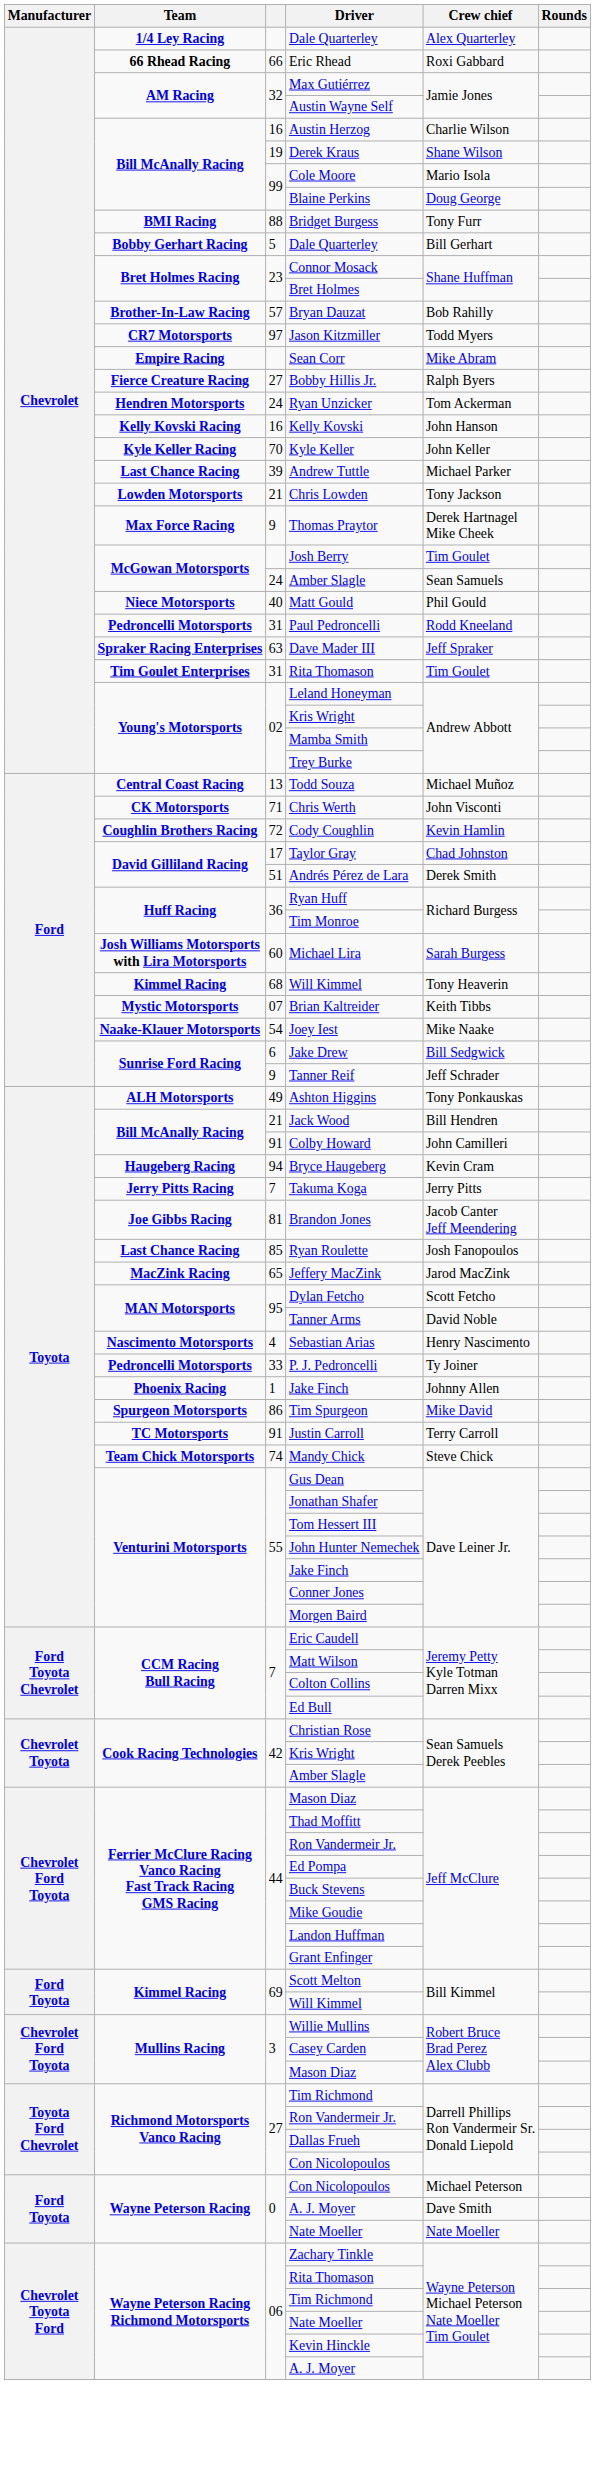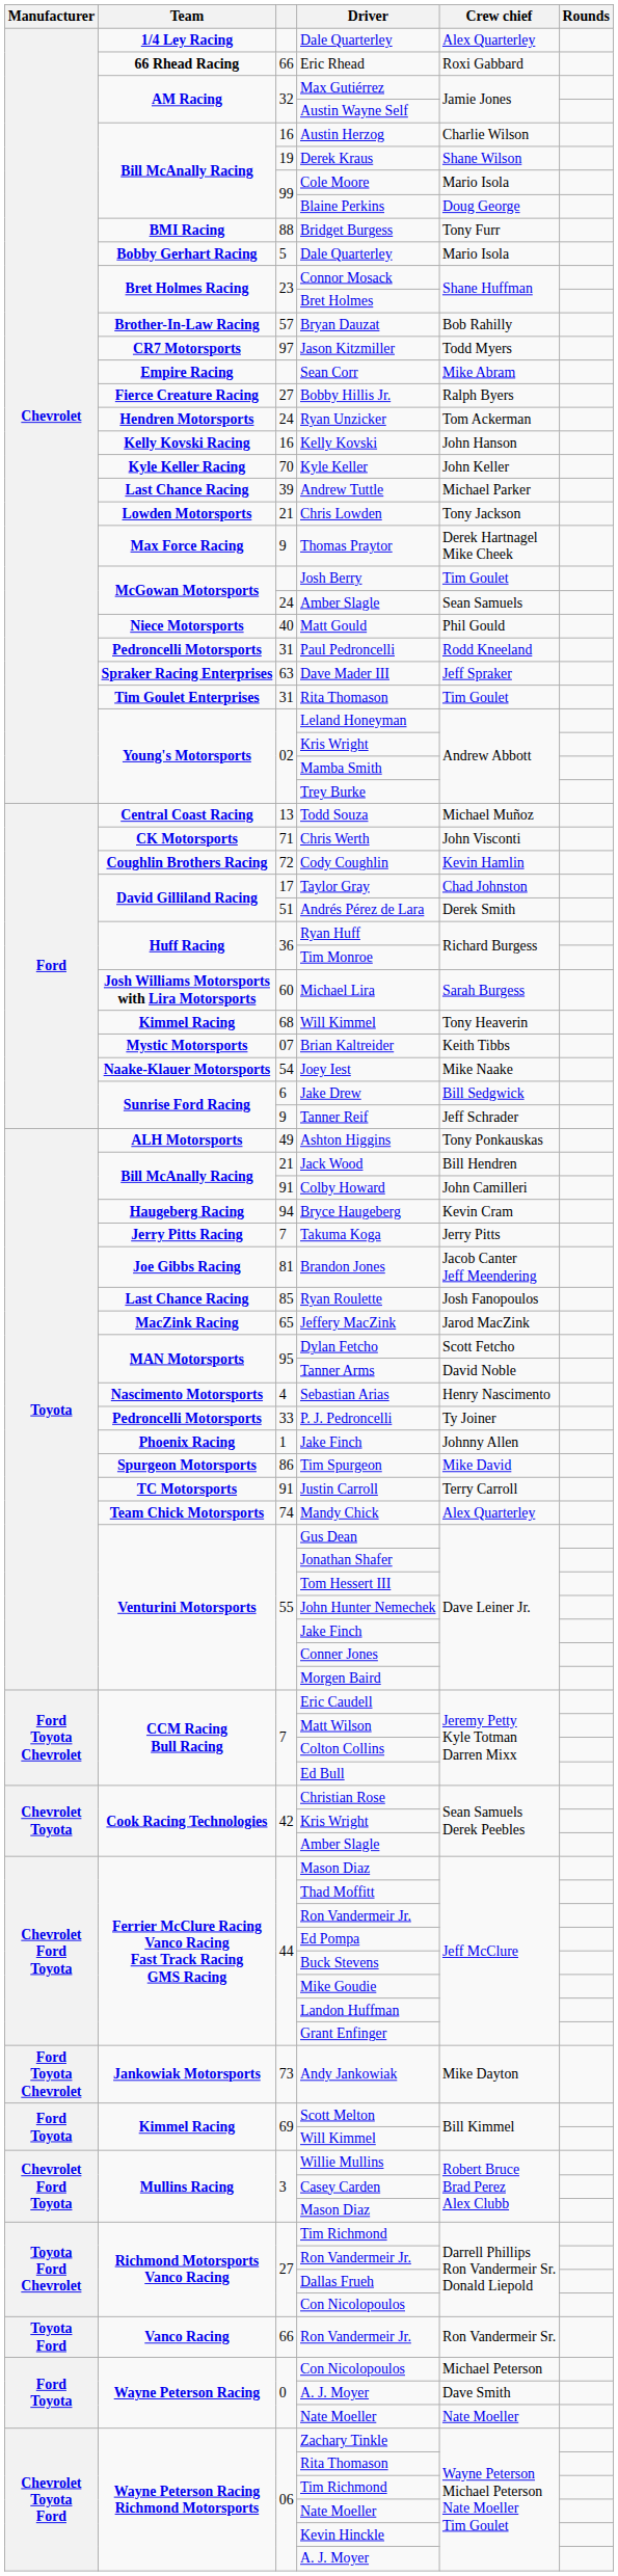 <table class="wikitable" style="font-size: 95%;">
 <tr>
 <th>Manufacturer</th>
 <th>Team</th>
 <th></th>
 <th>Driver</th>
 <th>Crew chief</th>
 <th>Rounds</th>
 </tr>
 <tr>
 <th rowspan="32"><a href='#'>Chevrolet</a></th>
 <td style="text-align:center;"><strong><a href='#'>1/4 Ley Racing</a></strong></td>
 <td></td>
 <td><a href='#'>Dale Quarterley</a></td>
 <td><a href='#'>Alex Quarterley</a></td>
 <td></td>
 </tr>
 <tr>
 <td style="text-align:center;"><strong>66 Rhead Racing</strong></td>
 <td>66</td>
 <td>Eric Rhead</td>
 <td>Roxi Gabbard</td>
 <td></td>
 </tr>
 <tr>
 <td style="text-align:center;"rowspan=2><strong><a href='#'>AM Racing</a></strong></td>
 <td rowspan=2>32</td>
 <td><a href='#'>Max Gutiérrez</a></td>
 <td rowspan=2>Jamie Jones</td>
 <td></td>
 </tr>
 <tr>
 <td><a href='#'>Austin Wayne Self</a></td>
 <td></td>
 </tr>
 <tr>
 <td rowspan=4 style="text-align:center;"><strong><a href='#'>Bill McAnally Racing</a></strong></td>
 <td>16</td>
 <td><a href='#'>Austin Herzog</a></td>
 <td>Charlie Wilson</td>
 <td></td>
 </tr>
 <tr>
 <td>19</td>
 <td><a href='#'>Derek Kraus</a></td>
 <td><a href='#'>Shane Wilson</a></td>
 <td></td>
 </tr>
 <tr>
 <td rowspan=2>99</td>
 <td><a href='#'>Cole Moore</a></td>
 <td>Mario Isola</td>
 <td></td>
 </tr>
 <tr>
 <td><a href='#'>Blaine Perkins</a></td>
 <td><a href='#'>Doug George</a></td>
 <td></td>
 </tr>
 <tr>
 <td style="text-align:center;"><strong><a href='#'>BMI Racing</a></strong></td>
 <td>88</td>
 <td><a href='#'>Bridget Burgess</a></td>
 <td>Tony Furr</td>
 <td></td>
 </tr>
 <tr>
 <td style="text-align:center;"><strong><a href='#'>Bobby Gerhart Racing</a></strong></td>
 <td>5</td>
 <td><a href='#'>Dale Quarterley</a></td>
-<td>Bill Gerhart</td>
+<td>Mario Isola</td>
 <td></td>
 </tr>
 <tr>
 <td rowspan=2 style="text-align:center;"><strong><a href='#'>Bret Holmes Racing</a></strong></td>
 <td rowspan=2>23</td>
 <td><a href='#'>Connor Mosack</a></td>
 <td rowspan=2><a href='#'>Shane Huffman</a></td>
 <td></td>
 </tr>
 <tr>
 <td><a href='#'>Bret Holmes</a></td>
 <td></td>
 </tr>
 <tr>
 <td style="text-align:center;"><strong><a href='#'>Brother-In-Law Racing</a></strong></td>
 <td>57</td>
 <td><a href='#'>Bryan Dauzat</a></td>
 <td>Bob Rahilly</td>
 <td></td>
 </tr>
 <tr>
 <td style="text-align:center;"><strong><a href='#'>CR7 Motorsports</a></strong></td>
 <td>97</td>
 <td><a href='#'>Jason Kitzmiller</a></td>
 <td>Todd Myers</td>
 <td></td>
 </tr>
 <tr>
 <td style="text-align:center;"><strong><a href='#'>Empire Racing</a></strong></td>
 <td></td>
 <td><a href='#'>Sean Corr</a></td>
 <td><a href='#'>Mike Abram</a></td>
 <td></td>
 </tr>
 <tr>
 <td style="text-align:center;"><strong><a href='#'>Fierce Creature Racing</a></strong></td>
 <td>27</td>
 <td><a href='#'>Bobby Hillis Jr.</a></td>
 <td>Ralph Byers</td>
 <td></td>
 </tr>
 <tr>
 <td style="text-align:center;"><strong><a href='#'>Hendren Motorsports</a></strong></td>
 <td>24</td>
 <td><a href='#'>Ryan Unzicker</a></td>
 <td>Tom Ackerman</td>
 <td></td>
 </tr>
 <tr>
 <td style="text-align:center;"><strong><a href='#'>Kelly Kovski Racing</a></strong></td>
 <td>16</td>
 <td><a href='#'>Kelly Kovski</a></td>
 <td>John Hanson</td>
 <td></td>
 </tr>
 <tr>
 <td style="text-align:center;"><strong><a href='#'>Kyle Keller Racing</a></strong></td>
 <td>70</td>
 <td><a href='#'>Kyle Keller</a></td>
 <td>John Keller</td>
 <td></td>
 </tr>
 <tr>
 <td style="text-align:center;"><strong><a href='#'>Last Chance Racing</a></strong></td>
 <td>39</td>
 <td><a href='#'>Andrew Tuttle</a></td>
 <td>Michael Parker</td>
 <td></td>
 </tr>
 <tr>
 <td style="text-align:center;"><strong><a href='#'>Lowden Motorsports</a></strong></td>
 <td>21</td>
 <td><a href='#'>Chris Lowden</a></td>
 <td>Tony Jackson</td>
 <td></td>
 </tr>
 <tr>
 <td style="text-align:center;"><strong><a href='#'>Max Force Racing</a></strong></td>
 <td>9</td>
 <td><a href='#'>Thomas Praytor</a></td>
 <td>Derek Hartnagel <small></small> <br> Mike Cheek <small></small></td>
 <td></td>
 </tr>
 <tr>
 <td rowspan=2 style="text-align:center;"><strong><a href='#'>McGowan Motorsports</a></strong></td>
 <td></td>
 <td><a href='#'>Josh Berry</a></td>
 <td><a href='#'>Tim Goulet</a></td>
 <td></td>
 </tr>
 <tr>
 <td>24</td>
 <td><a href='#'>Amber Slagle</a></td>
 <td>Sean Samuels</td>
 <td></td>
 </tr>
 <tr>
 <td style="text-align:center;"><strong><a href='#'>Niece Motorsports</a></strong></td>
 <td>40</td>
 <td><a href='#'>Matt Gould</a></td>
 <td>Phil Gould</td>
 <td></td>
 </tr>
 <tr>
 <td style="text-align:center;"><strong><a href='#'>Pedroncelli Motorsports</a></strong></td>
 <td>31</td>
 <td><a href='#'>Paul Pedroncelli</a></td>
 <td><a href='#'>Rodd Kneeland</a></td>
 <td></td>
 </tr>
 <tr>
 <td style="text-align:center;"><strong><a href='#'>Spraker Racing Enterprises</a></strong></td>
 <td>63</td>
 <td><a href='#'>Dave Mader III</a></td>
 <td><a href='#'>Jeff Spraker</a></td>
 <td></td>
 </tr>
 <tr>
 <td style="text-align:center;"><strong><a href='#'>Tim Goulet Enterprises</a></strong></td>
 <td>31</td>
 <td><a href='#'>Rita Thomason</a></td>
 <td><a href='#'>Tim Goulet</a></td>
 <td></td>
 </tr>
 <tr>
 <td rowspan=4 style="text-align:center;"><strong><a href='#'>Young's Motorsports</a></strong></td>
 <td rowspan=4>02</td>
 <td><a href='#'>Leland Honeyman</a></td>
 <td rowspan=4>Andrew Abbott</td>
 <td></td>
 </tr>
 <tr>
 <td><a href='#'>Kris Wright</a></td>
 <td></td>
 </tr>
 <tr>
 <td><a href='#'>Mamba Smith</a></td>
 <td></td>
 </tr>
 <tr>
 <td><a href='#'>Trey Burke</a></td>
 <td></td>
 </tr>
 <tr>
 <th rowspan=13><a href='#'>Ford</a></th>
 <td style="text-align:center;"><strong><a href='#'>Central Coast Racing</a></strong></td>
 <td>13</td>
 <td><a href='#'>Todd Souza</a></td>
 <td>Michael Muñoz</td>
 <td></td>
 </tr>
 <tr>
 <td style="text-align:center;"><strong><a href='#'>CK Motorsports</a></strong></td>
 <td>71</td>
 <td><a href='#'>Chris Werth</a></td>
 <td>John Visconti</td>
 <td></td>
 </tr>
 <tr>
 <td style="text-align:center;"><strong><a href='#'>Coughlin Brothers Racing</a></strong></td>
 <td>72</td>
 <td><a href='#'>Cody Coughlin</a></td>
 <td><a href='#'>Kevin Hamlin</a></td>
 <td></td>
 </tr>
 <tr>
 <td rowspan=2 style="text-align:center;"><strong><a href='#'>David Gilliland Racing</a></strong></td>
 <td>17</td>
 <td><a href='#'>Taylor Gray</a></td>
 <td><a href='#'>Chad Johnston</a></td>
 <td></td>
 </tr>
 <tr>
 <td>51</td>
 <td><a href='#'>Andrés Pérez de Lara</a></td>
 <td>Derek Smith</td>
 <td></td>
 </tr>
 <tr>
 <td rowspan=2 style="text-align:center;"><strong><a href='#'>Huff Racing</a></strong></td>
 <td rowspan=2>36</td>
 <td><a href='#'>Ryan Huff</a></td>
 <td rowspan=2>Richard Burgess</td>
 <td></td>
 </tr>
 <tr>
 <td><a href='#'>Tim Monroe</a></td>
 <td></td>
 </tr>
 <tr>
 <td style="text-align:center;"><strong><a href='#'>Josh Williams Motorsports</a></strong> <br> <strong>with <a href='#'>Lira Motorsports</a></strong></td>
 <td>60</td>
 <td><a href='#'>Michael Lira</a></td>
 <td><a href='#'>Sarah Burgess</a></td>
 <td></td>
 </tr>
 <tr>
 <td style="text-align:center;"><strong><a href='#'>Kimmel Racing</a></strong></td>
 <td>68</td>
 <td><a href='#'>Will Kimmel</a></td>
 <td>Tony Heaverin</td>
 <td></td>
 </tr>
 <tr>
 <td style="text-align:center;"><strong><a href='#'>Mystic Motorsports</a></strong></td>
 <td>07</td>
 <td><a href='#'>Brian Kaltreider</a></td>
 <td>Keith Tibbs</td>
 <td></td>
 </tr>
 <tr>
 <td style="text-align:center;"><strong><a href='#'>Naake-Klauer Motorsports</a></strong></td>
 <td>54</td>
 <td><a href='#'>Joey Iest</a></td>
 <td>Mike Naake</td>
 <td></td>
 </tr>
 <tr>
 <td rowspan=2 style="text-align:center;"><strong><a href='#'>Sunrise Ford Racing</a></strong></td>
 <td>6</td>
 <td><a href='#'>Jake Drew</a></td>
 <td><a href='#'>Bill Sedgwick</a></td>
 <td></td>
 </tr>
 <tr>
 <td>9</td>
 <td><a href='#'>Tanner Reif</a></td>
 <td>Jeff Schrader</td>
 <td></td>
 </tr>
 <tr>
 <th rowspan=23><a href='#'>Toyota</a></th>
 <td style="text-align:center;"><strong><a href='#'>ALH Motorsports</a></strong></td>
 <td>49</td>
 <td><a href='#'>Ashton Higgins</a></td>
 <td>Tony Ponkauskas</td>
 <td></td>
 </tr>
 <tr>
 <td rowspan=2 style="text-align:center;"><strong><a href='#'>Bill McAnally Racing</a></strong></td>
 <td>21</td>
 <td><a href='#'>Jack Wood</a></td>
 <td>Bill Hendren</td>
 <td></td>
 </tr>
 <tr>
 <td>91</td>
 <td><a href='#'>Colby Howard</a></td>
 <td>John Camilleri</td>
 <td></td>
 </tr>
 <tr>
 <td style="text-align:center;"><strong><a href='#'>Haugeberg Racing</a></strong></td>
 <td>94</td>
 <td><a href='#'>Bryce Haugeberg</a></td>
 <td>Kevin Cram</td>
 <td></td>
 </tr>
 <tr>
 <td style="text-align:center;"><strong><a href='#'>Jerry Pitts Racing</a></strong></td>
 <td>7</td>
 <td><a href='#'>Takuma Koga</a></td>
 <td>Jerry Pitts</td>
 <td></td>
 </tr>
 <tr>
 <td style="text-align:center;"><strong><a href='#'>Joe Gibbs Racing</a></strong></td>
 <td>81</td>
 <td><a href='#'>Brandon Jones</a></td>
 <td>Jacob Canter <small></small> <br> <a href='#'>Jeff Meendering</a> <small></small></td>
 <td></td>
 </tr>
 <tr>
 <td style="text-align:center;"><strong><a href='#'>Last Chance Racing</a></strong></td>
 <td>85</td>
 <td><a href='#'>Ryan Roulette</a></td>
 <td>Josh Fanopoulos</td>
 <td></td>
 </tr>
 <tr>
 <td style="text-align:center;"><strong><a href='#'>MacZink Racing</a></strong></td>
 <td>65</td>
 <td><a href='#'>Jeffery MacZink</a></td>
 <td>Jarod MacZink</td>
 <td></td>
 </tr>
 <tr>
 <td rowspan=2 style="text-align:center;"><strong><a href='#'>MAN Motorsports</a></strong></td>
 <td rowspan=2>95</td>
 <td><a href='#'>Dylan Fetcho</a></td>
 <td>Scott Fetcho</td>
 <td></td>
 </tr>
 <tr>
 <td><a href='#'>Tanner Arms</a></td>
 <td>David Noble</td>
 <td></td>
 </tr>
 <tr>
 <td style="text-align:center;"><strong><a href='#'>Nascimento Motorsports</a></strong></td>
 <td>4</td>
 <td><a href='#'>Sebastian Arias</a></td>
 <td>Henry Nascimento</td>
 <td></td>
 </tr>
 <tr>
 <td style="text-align:center;"><strong><a href='#'>Pedroncelli Motorsports</a></strong></td>
 <td>33</td>
 <td><a href='#'>P. J. Pedroncelli</a></td>
 <td>Ty Joiner</td>
 <td></td>
 </tr>
 <tr>
 <td style="text-align:center;"><strong><a href='#'>Phoenix Racing</a></strong></td>
 <td>1</td>
 <td><a href='#'>Jake Finch</a></td>
 <td>Johnny Allen</td>
 <td></td>
 </tr>
 <tr>
 <td style="text-align:center;"><strong><a href='#'>Spurgeon Motorsports</a></strong></td>
 <td>86</td>
 <td><a href='#'>Tim Spurgeon</a></td>
 <td><a href='#'>Mike David</a></td>
 <td></td>
 </tr>
 <tr>
 <td style="text-align:center;"><strong><a href='#'>TC Motorsports</a></strong></td>
 <td>91</td>
 <td><a href='#'>Justin Carroll</a></td>
 <td>Terry Carroll</td>
 <td></td>
 </tr>
 <tr>
 <td style="text-align:center;"><strong><a href='#'>Team Chick Motorsports</a></strong></td>
 <td>74</td>
 <td><a href='#'>Mandy Chick</a></td>
-<td>Steve Chick</td>
+<td><a href='#'>Alex Quarterley</a></td>
 <td></td>
 </tr>
 <tr>
 <td rowspan=7 style="text-align:center;"><strong><a href='#'>Venturini Motorsports</a></strong></td>
 <td rowspan=7>55</td>
 <td><a href='#'>Gus Dean</a></td>
 <td rowspan=7>Dave Leiner Jr.</td>
 <td></td>
 </tr>
 <tr>
 <td><a href='#'>Jonathan Shafer</a></td>
 <td></td>
 </tr>
 <tr>
 <td><a href='#'>Tom Hessert III</a></td>
 <td></td>
 </tr>
 <tr>
 <td><a href='#'>John Hunter Nemechek</a></td>
 <td></td>
 </tr>
 <tr>
 <td><a href='#'>Jake Finch</a></td>
 <td></td>
 </tr>
 <tr>
 <td><a href='#'>Conner Jones</a></td>
 <td></td>
 </tr>
 <tr>
 <td><a href='#'>Morgen Baird</a></td>
 <td></td>
 </tr>
 <tr>
 <th rowspan=4><a href='#'>Ford</a> <small></small> <br> <a href='#'>Toyota</a> <small></small> <br> <a href='#'>Chevrolet</a> <small></small></th>
 <td rowspan=4 style="text-align:center;"><strong><a href='#'>CCM Racing</a></strong> <small></small> <br> <strong><a href='#'>Bull Racing</a></strong> <small></small></td>
 <td rowspan=4>7</td>
 <td><a href='#'>Eric Caudell</a></td>
 <td rowspan=4><a href='#'>Jeremy Petty</a> <small></small> <br> Kyle Totman <small></small> <br> Darren Mixx <small></small></td>
 <td></td>
 </tr>
 <tr>
 <td><a href='#'>Matt Wilson</a></td>
 <td></td>
 </tr>
 <tr>
 <td><a href='#'>Colton Collins</a></td>
 <td></td>
 </tr>
 <tr>
 <td><a href='#'>Ed Bull</a></td>
 <td></td>
 </tr>
 <tr>
 <th rowspan=3><a href='#'>Chevrolet</a> <small></small> <br> <a href='#'>Toyota</a> <small></small></th>
 <td rowspan=3 style="text-align:center;"><strong><a href='#'>Cook Racing Technologies</a></strong></td>
 <td rowspan=3>42</td>
 <td><a href='#'>Christian Rose</a></td>
 <td rowspan=3>Sean Samuels <small></small> <br> Derek Peebles <small></small></td>
 <td></td>
 </tr>
 <tr>
 <td><a href='#'>Kris Wright</a></td>
 <td></td>
 </tr>
 <tr>
 <td><a href='#'>Amber Slagle</a></td>
 <td></td>
 </tr>
 <tr>
 <th rowspan=8><a href='#'>Chevrolet</a> <small></small> <br> <a href='#'>Ford</a> <small></small> <br> <a href='#'>Toyota</a> <small></small></th>
 <td rowspan=8 style="text-align:center;"><strong><a href='#'>Ferrier McClure Racing</a></strong> <small></small> <br> <strong><a href='#'>Vanco Racing</a></strong> <small></small> <br> <strong><a href='#'>Fast Track Racing</a></strong> <small></small> <br> <strong><a href='#'>GMS Racing</a></strong> <small></small></td>
 <td rowspan=8>44</td>
 <td><a href='#'>Mason Diaz</a></td>
 <td rowspan=8><a href='#'>Jeff McClure</a></td>
 <td></td>
 </tr>
 <tr>
 <td><a href='#'>Thad Moffitt</a></td>
 <td></td>
 </tr>
 <tr>
 <td><a href='#'>Ron Vandermeir Jr.</a></td>
 <td></td>
 </tr>
 <tr>
 <td><a href='#'>Ed Pompa</a></td>
 <td></td>
 </tr>
 <tr>
 <td><a href='#'>Buck Stevens</a></td>
 <td></td>
 </tr>
 <tr>
 <td><a href='#'>Mike Goudie</a></td>
 <td></td>
 </tr>
 <tr>
 <td><a href='#'>Landon Huffman</a></td>
 <td></td>
 </tr>
 <tr>
 <td><a href='#'>Grant Enfinger</a></td>
 <td></td>
 </tr>
 <tr>
+<th><a href='#'>Ford</a> <small></small> <br> <a href='#'>Toyota</a> <small></small> <br> <a href='#'>Chevrolet</a> <small></small></th>
+<td style="text-align:center;"><strong><a href='#'>Jankowiak Motorsports</a></strong></td>
+<td>73</td>
+<td><a href='#'>Andy Jankowiak</a></td>
+<td>Mike Dayton</td>
+<td></td>
+</tr>
+<tr>
 <th rowspan=2><a href='#'>Ford</a> <small></small> <br> <a href='#'>Toyota</a> <small></small></th>
 <td rowspan=2  style="text-align:center;"><strong><a href='#'>Kimmel Racing</a></strong></td>
 <td rowspan=2>69</td>
 <td><a href='#'>Scott Melton</a></td>
 <td rowspan=2>Bill Kimmel</td>
 <td></td>
 </tr>
 <tr>
 <td><a href='#'>Will Kimmel</a></td>
 <td></td>
 </tr>
 <tr>
 <th rowspan=3><a href='#'>Chevrolet</a> <small></small> <br> <a href='#'>Ford</a> <small></small> <br> <a href='#'>Toyota</a> <small></small></th>
 <td rowspan=3 style="text-align:center;"><strong><a href='#'>Mullins Racing</a></strong></td>
 <td rowspan=3>3</td>
 <td><a href='#'>Willie Mullins</a></td>
 <td rowspan=3><a href='#'>Robert Bruce</a> <small></small> <br> <a href='#'>Brad Perez</a> <small></small> <br> <a href='#'>Alex Clubb</a> <small></small></td>
 <td></td>
 </tr>
 <tr>
 <td><a href='#'>Casey Carden</a></td>
 <td></td>
 </tr>
 <tr>
 <td><a href='#'>Mason Diaz</a></td>
 <td></td>
 </tr>
 <tr>
 <th rowspan=4><a href='#'>Toyota</a> <small></small> <br> <a href='#'>Ford</a> <small></small> <br> <a href='#'>Chevrolet</a> <small></small></th>
 <td rowspan=4 style="text-align:center;"><strong><a href='#'>Richmond Motorsports</a></strong> <small></small> <br> <strong><a href='#'>Vanco Racing</a></strong> <small></small></td>
 <td rowspan=4>27</td>
 <td><a href='#'>Tim Richmond</a></td>
 <td rowspan=4>Darrell Phillips <small></small> <br> Ron Vandermeir Sr. <small></small> <br> Donald Liepold <small></small> <br></td>
 <td></td>
 </tr>
 <tr>
 <td><a href='#'>Ron Vandermeir Jr.</a></td>
 <td></td>
 </tr>
 <tr>
 <td><a href='#'>Dallas Frueh</a></td>
 <td></td>
 </tr>
 <tr>
 <td><a href='#'>Con Nicolopoulos</a></td>
+<td></td>
+</tr>
+<tr>
+<th><a href='#'>Toyota</a> <small></small> <br> <a href='#'>Ford</a> <small></small></th>
+<td style="text-align:center;"><strong><a href='#'>Vanco Racing</a></strong></td>
+<td>66</td>
+<td><a href='#'>Ron Vandermeir Jr.</a></td>
+<td>Ron Vandermeir Sr. <small></small></td>
 <td></td>
 </tr>
 <tr>
 <th rowspan=3><a href='#'>Ford</a> <small></small> <br> <a href='#'>Toyota</a> <small></small></th>
 <td rowspan=3 style="text-align:center;"><strong><a href='#'>Wayne Peterson Racing</a></strong></td>
 <td rowspan=3>0</td>
 <td><a href='#'>Con Nicolopoulos</a></td>
 <td>Michael Peterson</td>
 <td></td>
 </tr>
 <tr>
 <td><a href='#'>A. J. Moyer</a></td>
 <td>Dave Smith</td>
 <td></td>
 </tr>
 <tr>
 <td><a href='#'>Nate Moeller</a></td>
 <td><a href='#'>Nate Moeller</a></td>
 <td></td>
 </tr>
 <tr>
 <th rowspan=6><a href='#'>Chevrolet</a> <small></small> <br> <a href='#'>Toyota</a> <small></small> <br> <a href='#'>Ford</a> <small></small></th>
 <td rowspan=6 style="text-align:center;"><strong><a href='#'>Wayne Peterson Racing</a></strong> <small></small> <br> <strong><a href='#'>Richmond Motorsports</a></strong> <small></small></td>
 <td rowspan=6>06</td>
 <td><a href='#'>Zachary Tinkle</a></td>
 <td rowspan=6><a href='#'>Wayne Peterson</a> <small></small> <br> Michael Peterson <small></small> <br> <a href='#'>Nate Moeller</a> <small></small> <br> <a href='#'>Tim Goulet</a> <small></small></td>
 <td></td>
 </tr>
 <tr>
 <td><a href='#'>Rita Thomason</a></td>
 <td></td>
 </tr>
 <tr>
 <td><a href='#'>Tim Richmond</a></td>
 <td></td>
 </tr>
 <tr>
 <td><a href='#'>Nate Moeller</a></td>
 <td></td>
 </tr>
 <tr>
 <td><a href='#'>Kevin Hinckle</a></td>
 <td></td>
 </tr>
 <tr>
 <td><a href='#'>A. J. Moyer</a></td>
 <td></td>
 </tr>
 </table>
